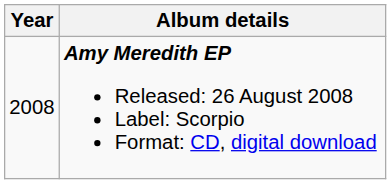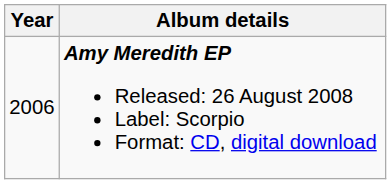 <table class="wikitable">
 <tr>
 <th>Year</th>
 <th style="width:250px;">Album details</th>
 </tr>
 <tr>
-<td>2008</td>
+<td>2006</td>
 <td><strong><em>Amy Meredith EP</em></strong><br><ul><li>Released: 26 August 2008</li><li>Label: Scorpio</li><li>Format: <a href='#'>CD</a>, <a href='#'>digital download</a></li></ul></td>
 </tr>
 </table>
